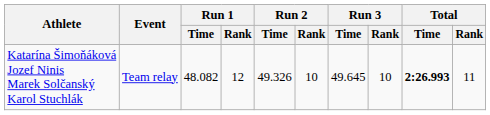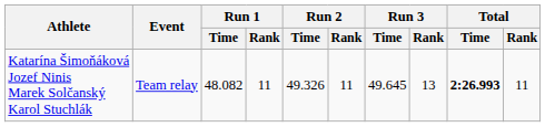 <table class="wikitable" style="font-size:90%">
 <tr>
 <th rowspan="2">Athlete</th>
 <th rowspan="2">Event</th>
 <th colspan=2>Run 1</th>
 <th colspan=2>Run 2</th>
 <th colspan=2>Run 3</th>
 <th colspan=2>Total</th>
 </tr>
 <tr style="font-size:95%">
 <th>Time</th>
 <th>Rank</th>
 <th>Time</th>
 <th>Rank</th>
 <th>Time</th>
 <th>Rank</th>
 <th>Time</th>
 <th>Rank</th>
 </tr>
 <tr align=center>
 <td align=left><a href='#'>Katarína Šimoňáková</a><br><a href='#'>Jozef Ninis</a><br><a href='#'>Marek Solčanský</a><br><a href='#'>Karol Stuchlák</a></td>
 <td align=left><a href='#'>Team relay</a></td>
 <td>48.082</td>
-<td>12</td>
+<td>11</td>
 <td>49.326</td>
-<td>10</td>
+<td>11</td>
 <td>49.645</td>
-<td>10</td>
+<td>13</td>
 <td><strong>2:26.993</strong></td>
 <td>11</td>
 </tr>
 </table>
